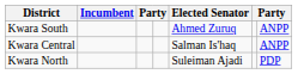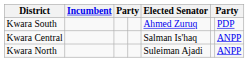 <table class="sortable wikitable" style="font-size:95%;line-height:14px;">
 <tr>
 <th class="unsortable">District</th>
 <th class="unsortable"><a href='#'>Incumbent</a></th>
 <th colspan="2">Party</th>
 <th class="unsortable">Elected Senator</th>
 <th colspan="2">Party</th>
 </tr>
 <tr>
 <td>Kwara South</td>
 <td></td>
 <td></td>
 <td></td>
 <td><a href='#'>Ahmed Zuruq</a></td>
 <td style="background:"></td>
-<td><a href='#'>ANPP</a></td>
+<td><a href='#'>PDP</a></td>
 </tr>
 <tr>
 <td>Kwara Central</td>
 <td></td>
 <td></td>
 <td></td>
 <td>Salman Is'haq</td>
 <td style="background:"></td>
 <td><a href='#'>ANPP</a></td>
 </tr>
 <tr>
 <td>Kwara North</td>
 <td></td>
 <td></td>
 <td></td>
 <td>Suleiman Ajadi</td>
 <td style="background:"></td>
-<td><a href='#'>PDP</a></td>
+<td><a href='#'>ANPP</a></td>
 </tr>
 </table>
